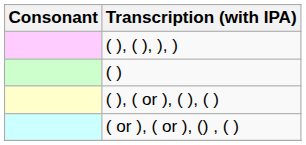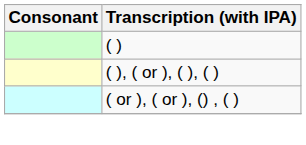 <table class="wikitable">
 <tr>
 <th>Consonant</th>
 <th>Transcription (with IPA)</th>
-</tr>
-<tr colspan="2">
-<td style="background: #fcf; text-align: center"></td>
-<td> (  ),  (  ),   ),   )</td>
 </tr>
 <tr>
 <td style="background: #cfc; text-align: center"></td>
 <td> ( )</td>
 </tr>
 <tr>
 <td style="background: #ffc; text-align: center"></td>
 <td> (‌ ),  (  or ),  ( ),  ( )</td>
 </tr>
 <tr>
 <td style="background: #cff; text-align: center"></td>
 <td> (  or ),  (‌  or ),  () ,  ( )</td>
 </tr>
 <tr>
 </tr>
 </table>
